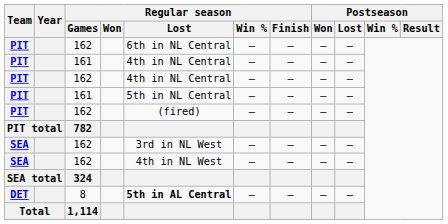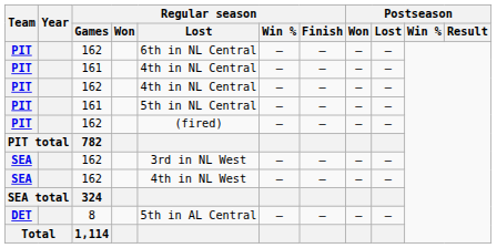 <table class="wikitable" style="font-size: 95%; text-align:center;">
 <tr>
 <th rowspan="2">Team</th>
 <th rowspan="2">Year</th>
 <th colspan="5">Regular season</th>
 <th colspan="4">Postseason</th>
 </tr>
 <tr>
 <th>Games</th>
 <th>Won</th>
 <th>Lost</th>
 <th>Win %</th>
 <th>Finish</th>
 <th>Won</th>
 <th>Lost</th>
 <th>Win %</th>
 <th>Result</th>
 </tr>
 <tr>
 <th><a href='#'>PIT</a></th>
 <th></th>
 <td>162</td>
 <td></td>
 <td>6th in NL Central</td>
 <td>–</td>
 <td>–</td>
 <td>–</td>
 <td>–</td>
 </tr>
 <tr>
 <th><a href='#'>PIT</a></th>
 <th></th>
 <td>161</td>
 <td></td>
 <td>4th in NL Central</td>
 <td>–</td>
 <td>–</td>
 <td>–</td>
 <td>–</td>
 </tr>
 <tr>
 <th><a href='#'>PIT</a></th>
 <th></th>
 <td>162</td>
 <td></td>
 <td>4th in NL Central</td>
 <td>–</td>
 <td>–</td>
 <td>–</td>
 <td>–</td>
 </tr>
 <tr>
 <th><a href='#'>PIT</a></th>
 <th></th>
 <td>161</td>
 <td></td>
 <td>5th in NL Central</td>
 <td>–</td>
 <td>–</td>
 <td>–</td>
 <td>–</td>
 </tr>
 <tr>
 <th><a href='#'>PIT</a></th>
 <th></th>
 <td>162</td>
 <td></td>
 <td>(fired)</td>
 <td>–</td>
 <td>–</td>
 <td>–</td>
 <td>–</td>
 </tr>
 <tr>
 <th colspan="2">PIT total</th>
 <th>782</th>
 <th></th>
 <th></th>
 <th></th>
 <th></th>
 <th></th>
 <th></th>
 </tr>
 <tr>
 <th><a href='#'>SEA</a></th>
 <th></th>
 <td>162</td>
 <td></td>
 <td>3rd in NL West</td>
 <td>–</td>
 <td>–</td>
 <td>–</td>
 <td>–</td>
 </tr>
 <tr>
 <th><a href='#'>SEA</a></th>
 <th></th>
 <td>162</td>
 <td></td>
 <td>4th in NL West</td>
 <td>–</td>
 <td>–</td>
 <td>–</td>
 <td>–</td>
 </tr>
 <tr>
 <th colspan="2">SEA total</th>
 <th>324</th>
 <th></th>
 <th></th>
 <th></th>
 <th></th>
 <th></th>
 <th></th>
 </tr>
 <tr>
 <th><a href='#'>DET</a></th>
 <th></th>
 <td>8</td>
 <td></td>
-<td><strong>5th in AL Central</strong></td>
+<td>5th in AL Central</td>
 <td>–</td>
 <td>–</td>
 <td>–</td>
 <td>–</td>
 </tr>
 <tr>
 <th colspan="2">Total</th>
 <th>1,114</th>
 <th></th>
 <th></th>
 <th></th>
 <th></th>
 <th></th>
 <th></th>
 </tr>
 </table>
